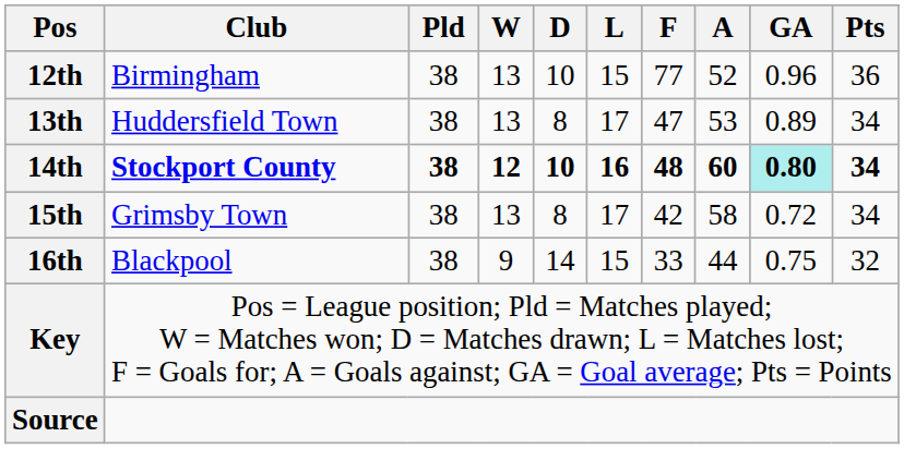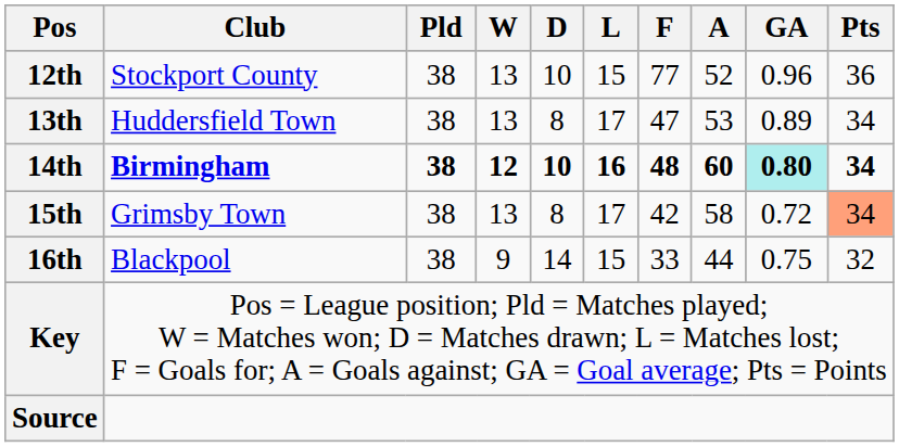 <table class="wikitable" style="text-align:center">
 <tr>
 <th scope="col">Pos</th>
 <th scope="col">Club</th>
 <th scope="col">Pld</th>
 <th scope="col">W</th>
 <th scope="col">D</th>
 <th scope="col">L</th>
 <th scope="col">F</th>
 <th scope="col">A</th>
 <th scope="col">GA</th>
 <th scope="col">Pts</th>
 </tr>
 <tr>
 <th scope="row">12th</th>
-<td align="left"><a href='#'>Birmingham</a></td>
+<td align="left"><a href='#'>Stockport County</a></td>
 <td>38</td>
 <td>13</td>
 <td>10</td>
 <td>15</td>
 <td>77</td>
 <td>52</td>
 <td>0.96</td>
 <td>36</td>
 </tr>
 <tr>
 <th scope="row">13th</th>
 <td align="left"><a href='#'>Huddersfield Town</a></td>
 <td>38</td>
 <td>13</td>
 <td>8</td>
 <td>17</td>
 <td>47</td>
 <td>53</td>
 <td>0.89</td>
 <td>34</td>
 </tr>
 <tr style="font-Weight:bold">
 <th scope="row">14th</th>
-<td align="left"><a href='#'>Stockport County</a></td>
+<td align="left"><a href='#'>Birmingham</a></td>
 <td>38</td>
 <td>12</td>
 <td>10</td>
 <td>16</td>
 <td>48</td>
 <td>60</td>
 <td style="background: paleturquoise;">0.80</td>
 <td>34</td>
 </tr>
 <tr>
 <th scope="row">15th</th>
 <td align="left"><a href='#'>Grimsby Town</a></td>
 <td>38</td>
 <td>13</td>
 <td>8</td>
 <td>17</td>
 <td>42</td>
 <td>58</td>
 <td>0.72</td>
-<td>34</td>
+<td style="background: lightsalmon;">34</td>
 </tr>
 <tr>
 <th scope="row">16th</th>
 <td align="left"><a href='#'>Blackpool</a></td>
 <td>38</td>
 <td>9</td>
 <td>14</td>
 <td>15</td>
 <td>33</td>
 <td>44</td>
 <td>0.75</td>
 <td>32</td>
 </tr>
 <tr>
 <th scope="row">Key</th>
 <td colspan="9">Pos = League position; Pld = Matches played;<br>W = Matches won; D = Matches drawn; L = Matches lost;<br>F = Goals for; A = Goals against; GA = <a href='#'>Goal average</a>; Pts = Points</td>
 </tr>
 <tr>
 <th scope="row">Source</th>
 <td colspan="9"></td>
 </tr>
 </table>
